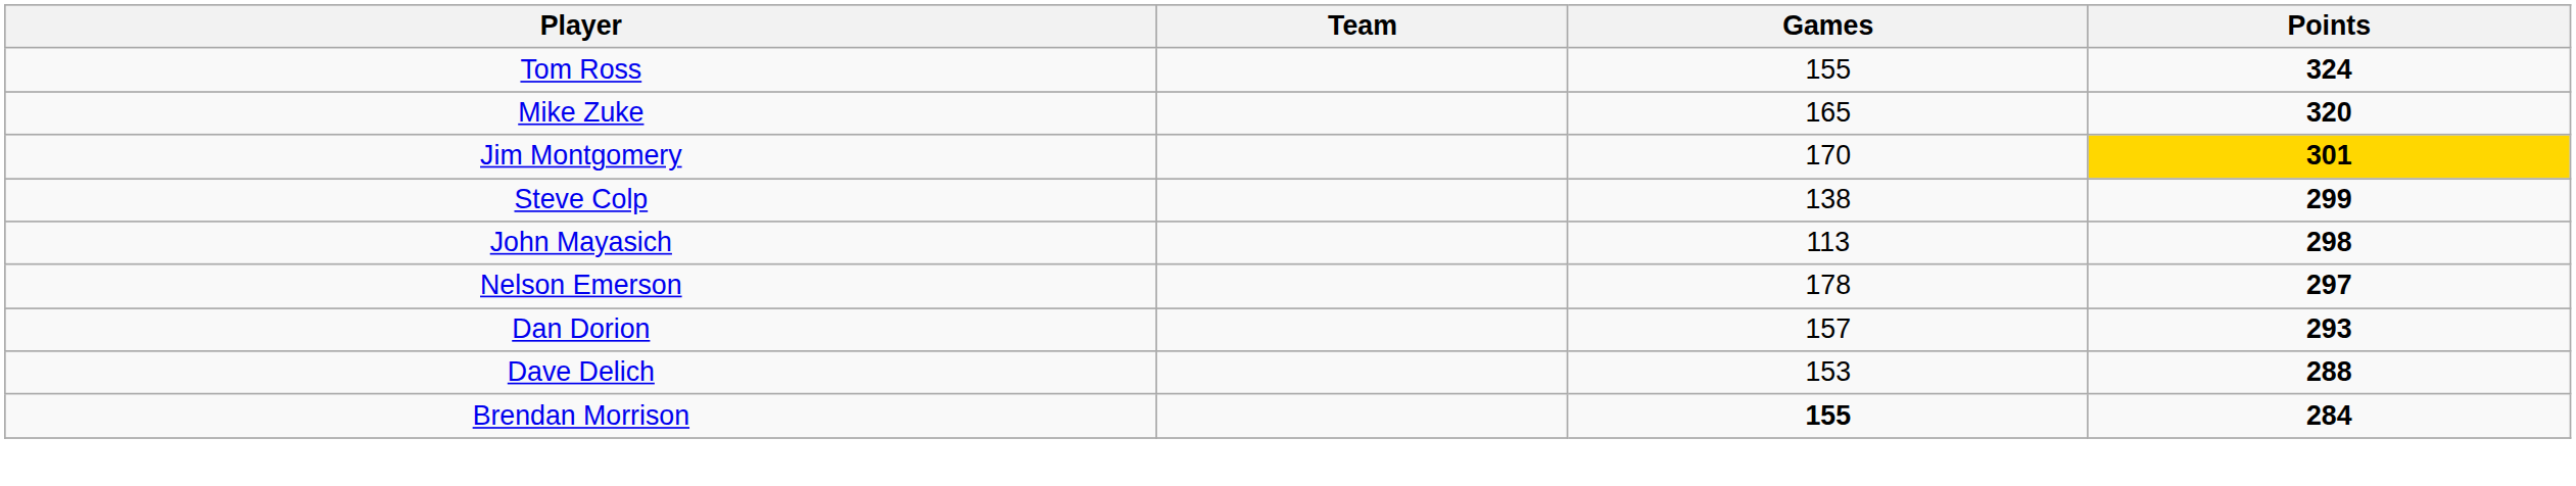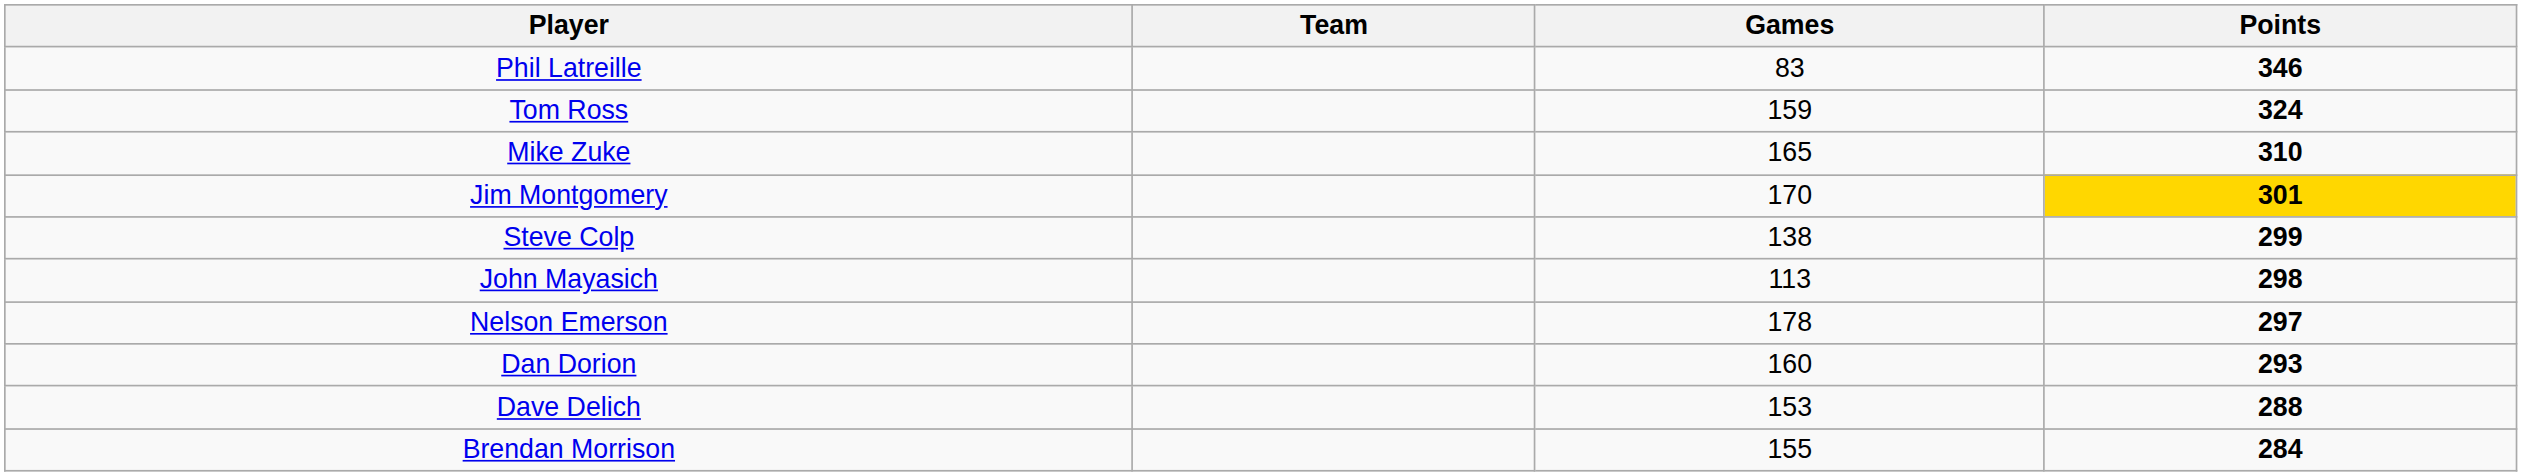 <table class="sortable wikitable" width =95%>
 <tr>
 <th>Player</th>
 <th>Team</th>
 <th>Games</th>
 <th>Points</th>
 </tr>
 <tr align=center>
+<td><a href='#'>Phil Latreille</a></td>
+<td><strong><a href='#'></a></strong></td>
+<td>83</td>
+<td><strong>346</strong></td>
+</tr>
+<tr align=center>
 <td><a href='#'>Tom Ross</a></td>
 <td><strong><a href='#'></a></strong></td>
-<td>155</td>
+<td>159</td>
 <td><strong>324</strong></td>
 </tr>
 <tr align=center>
 <td><a href='#'>Mike Zuke</a></td>
 <td><strong><a href='#'></a></strong></td>
 <td>165</td>
-<td><strong>320</strong></td>
+<td><strong>310</strong></td>
 </tr>
 <tr align=center>
 <td><a href='#'>Jim Montgomery</a></td>
 <td><strong><a href='#'></a></strong></td>
 <td>170</td>
 <td style="background: gold;"><strong>301</strong></td>
 </tr>
 <tr align=center>
 <td><a href='#'>Steve Colp</a></td>
 <td><strong><a href='#'></a></strong></td>
 <td>138</td>
 <td><strong>299</strong></td>
 </tr>
 <tr align=center>
 <td><a href='#'>John Mayasich</a></td>
 <td><strong><a href='#'></a></strong></td>
 <td>113</td>
 <td><strong>298</strong></td>
 </tr>
 <tr align=center>
 <td><a href='#'>Nelson Emerson</a></td>
 <td><strong><a href='#'></a></strong></td>
 <td>178</td>
 <td><strong>297</strong></td>
 </tr>
 <tr align=center>
 <td><a href='#'>Dan Dorion</a></td>
 <td><strong><a href='#'></a></strong></td>
-<td>157</td>
+<td>160</td>
 <td><strong>293</strong></td>
 </tr>
 <tr align=center>
 <td><a href='#'>Dave Delich</a></td>
 <td><strong><a href='#'></a></strong></td>
 <td>153</td>
 <td><strong>288</strong></td>
 </tr>
 <tr align=center>
 <td><a href='#'>Brendan Morrison</a></td>
 <td><strong><a href='#'></a></strong></td>
-<td><strong>155</strong></td>
+<td>155</td>
 <td><strong>284</strong></td>
 </tr>
 </table>
